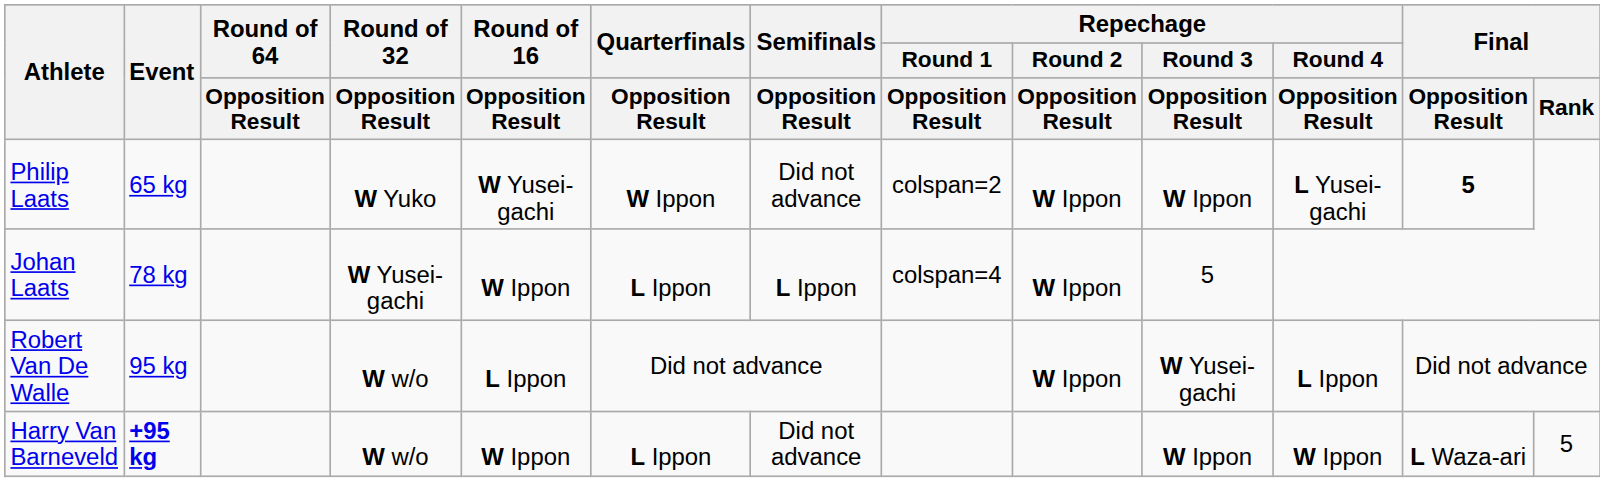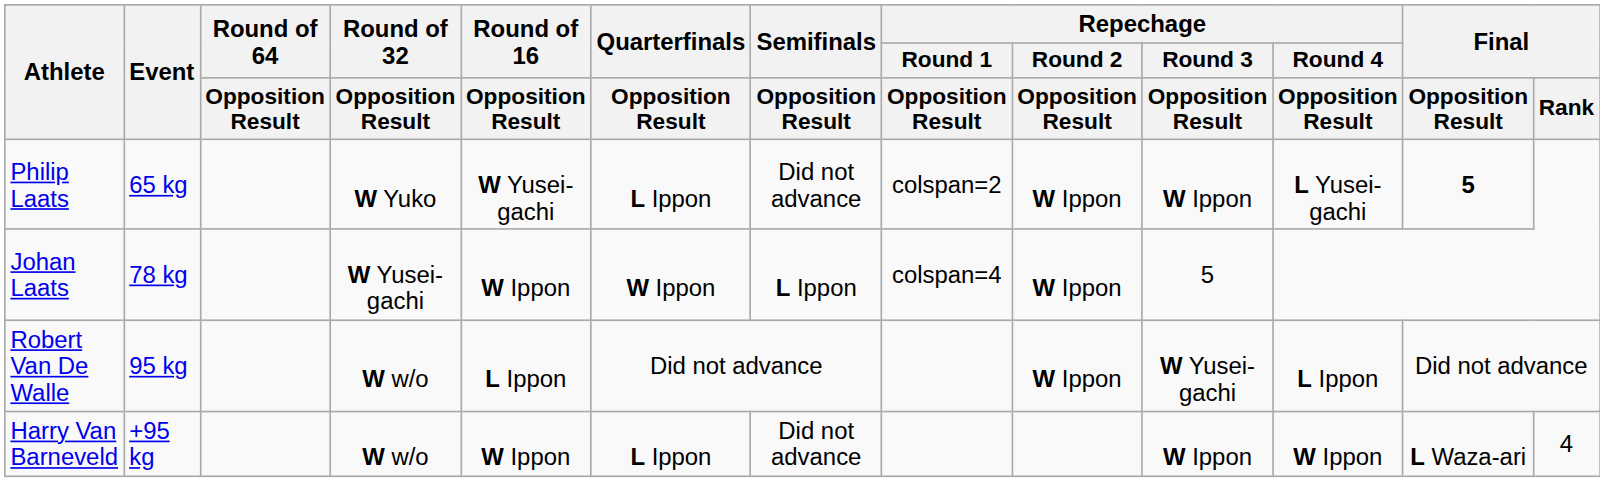 <table class="wikitable" style="font-size:90%">
 <tr>
 <th rowspan="3">Athlete</th>
 <th rowspan="3">Event</th>
 <th rowspan="2">Round of 64</th>
 <th rowspan="2">Round of 32</th>
 <th rowspan="2">Round of 16</th>
 <th rowspan="2">Quarterfinals</th>
 <th rowspan="2">Semifinals</th>
 <th colspan=4>Repechage</th>
 <th rowspan="2" colspan=2>Final</th>
 </tr>
 <tr style="font-size:95%">
 <th>Round 1</th>
 <th>Round 2</th>
 <th>Round 3</th>
 <th>Round 4</th>
 </tr>
 <tr style="font-size:95%">
 <th>Opposition<br>Result</th>
 <th>Opposition<br>Result</th>
 <th>Opposition<br>Result</th>
 <th>Opposition<br>Result</th>
 <th>Opposition<br>Result</th>
 <th>Opposition<br>Result</th>
 <th>Opposition<br>Result</th>
 <th>Opposition<br>Result</th>
 <th>Opposition<br>Result</th>
 <th>Opposition<br>Result</th>
 <th>Rank</th>
 </tr>
 <tr align=center>
 <td align=left><a href='#'>Philip Laats</a></td>
 <td align=left><a href='#'>65 kg</a></td>
 <td></td>
 <td><br><strong>W</strong> Yuko</td>
 <td><br><strong>W</strong> Yusei-gachi</td>
-<td><br><strong>W</strong> Ippon</td>
+<td><br><strong>L</strong> Ippon</td>
 <td>Did not advance</td>
 <td>colspan=2</td>
 <td><br><strong>W</strong> Ippon</td>
 <td><br><strong>W</strong> Ippon</td>
 <td><br><strong>L</strong> Yusei-gachi</td>
 <td><strong>5</strong></td>
 </tr>
 <tr align=center>
 <td align=left><a href='#'>Johan Laats</a></td>
 <td align=left><a href='#'>78 kg</a></td>
 <td></td>
 <td><br><strong>W</strong> Yusei-gachi</td>
 <td><br><strong>W</strong> Ippon</td>
-<td><br><strong>L</strong> Ippon</td>
+<td><br><strong>W</strong> Ippon</td>
 <td><br><strong>L</strong> Ippon</td>
 <td>colspan=4</td>
 <td><br><strong>W</strong> Ippon</td>
 <td>5</td>
 </tr>
 <tr align=center>
 <td align=left><a href='#'>Robert Van De Walle</a></td>
 <td align=left><a href='#'>95 kg</a></td>
 <td></td>
 <td><br><strong>W</strong> w/o</td>
 <td><br><strong>L</strong> Ippon</td>
 <td colspan=2>Did not advance</td>
 <td></td>
 <td><br><strong>W</strong> Ippon</td>
 <td><br><strong>W</strong> Yusei-gachi</td>
 <td><br><strong>L</strong> Ippon</td>
 <td colspan=2>Did not advance</td>
 </tr>
 <tr align=center>
 <td align=left><a href='#'>Harry Van Barneveld</a></td>
-<td align=left><strong><a href='#'>+95 kg</a></strong></td>
+<td align=left><a href='#'>+95 kg</a></td>
 <td></td>
 <td><br><strong>W</strong> w/o</td>
 <td><br><strong>W</strong> Ippon</td>
 <td><br><strong>L</strong> Ippon</td>
 <td>Did not advance</td>
 <td></td>
 <td></td>
 <td><br><strong>W</strong> Ippon</td>
 <td><br><strong>W</strong> Ippon</td>
 <td><br><strong>L</strong> Waza-ari</td>
-<td>5</td>
+<td>4</td>
 </tr>
 </table>
